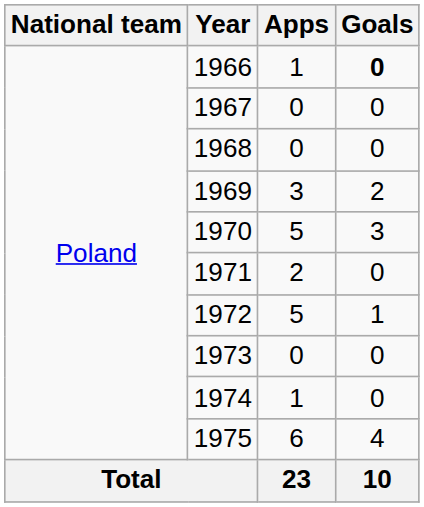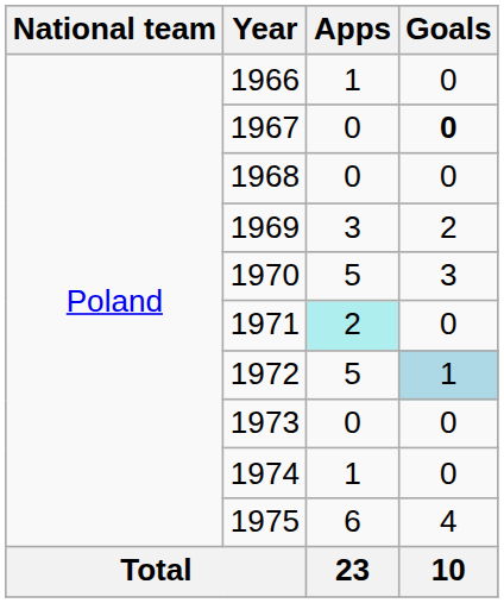 <table class="wikitable" style="text-align:center">
 <tr>
 <th>National team</th>
 <th>Year</th>
 <th>Apps</th>
 <th>Goals</th>
 </tr>
 <tr>
 <td rowspan="10"><a href='#'>Poland</a></td>
 <td>1966</td>
 <td>1</td>
-<td><strong>0</strong></td>
+<td>0</td>
 </tr>
 <tr>
 <td>1967</td>
 <td>0</td>
-<td>0</td>
+<td><strong>0</strong></td>
 </tr>
 <tr>
 <td>1968</td>
 <td>0</td>
 <td>0</td>
 </tr>
 <tr>
 <td>1969</td>
 <td>3</td>
 <td>2</td>
 </tr>
 <tr>
 <td>1970</td>
 <td>5</td>
 <td>3</td>
 </tr>
 <tr>
 <td>1971</td>
-<td>2</td>
+<td style="background: paleturquoise;">2</td>
 <td>0</td>
 </tr>
 <tr>
 <td>1972</td>
 <td>5</td>
-<td>1</td>
+<td style="background: lightblue;">1</td>
 </tr>
 <tr>
 <td>1973</td>
 <td>0</td>
 <td>0</td>
 </tr>
 <tr>
 <td>1974</td>
 <td>1</td>
 <td>0</td>
 </tr>
 <tr>
 <td>1975</td>
 <td>6</td>
 <td>4</td>
 </tr>
 <tr>
 <th colspan="2">Total</th>
 <th>23</th>
 <th>10</th>
 </tr>
 </table>
